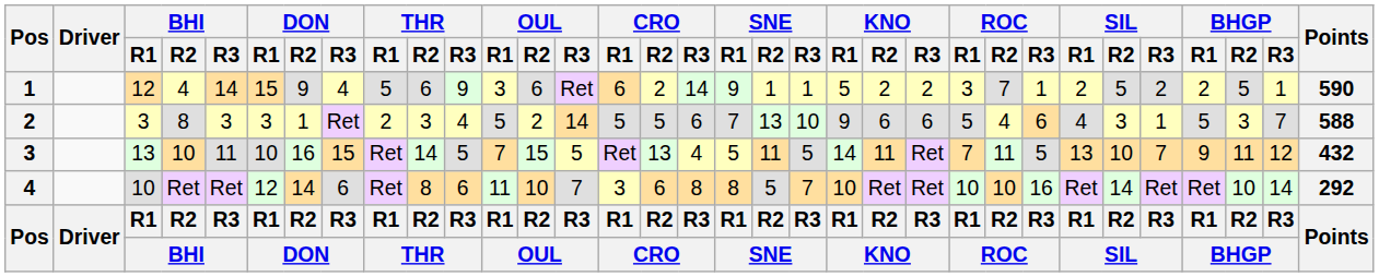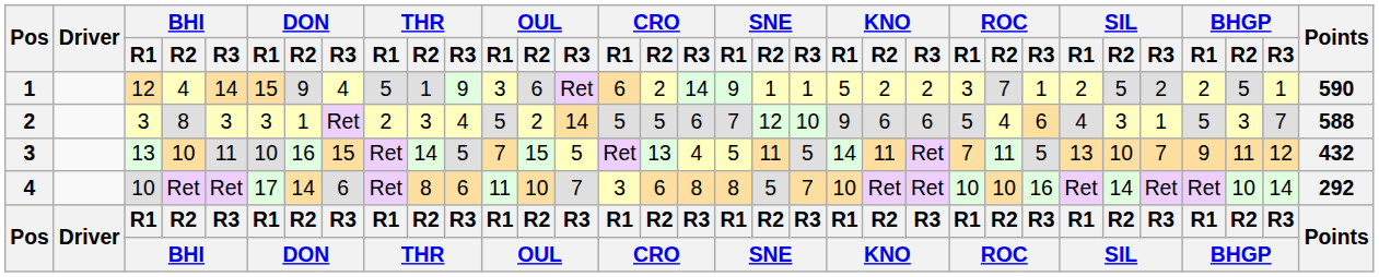 <table class="wikitable" style="font-size: 85%; text-align: center;">
 <tr>
 <th rowspan=2>Pos</th>
 <th rowspan=2>Driver</th>
 <th colspan=3><a href='#'>BHI</a></th>
 <th colspan=3><a href='#'>DON</a></th>
 <th colspan=3><a href='#'>THR</a></th>
 <th colspan=3><a href='#'>OUL</a></th>
 <th colspan=3><a href='#'>CRO</a></th>
 <th colspan=3><a href='#'>SNE</a></th>
 <th colspan=3><a href='#'>KNO</a></th>
 <th colspan=3><a href='#'>ROC</a></th>
 <th colspan=3><a href='#'>SIL</a></th>
 <th colspan=3><a href='#'>BHGP</a></th>
 <th rowspan=2>Points</th>
 </tr>
 <tr>
 <th>R1</th>
 <th>R2</th>
 <th>R3</th>
 <th>R1</th>
 <th>R2</th>
 <th>R3</th>
 <th>R1</th>
 <th>R2</th>
 <th>R3</th>
 <th>R1</th>
 <th>R2</th>
 <th>R3</th>
 <th>R1</th>
 <th>R2</th>
 <th>R3</th>
 <th>R1</th>
 <th>R2</th>
 <th>R3</th>
 <th>R1</th>
 <th>R2</th>
 <th>R3</th>
 <th>R1</th>
 <th>R2</th>
 <th>R3</th>
 <th>R1</th>
 <th>R2</th>
 <th>R3</th>
 <th>R1</th>
 <th>R2</th>
 <th>R3</th>
 </tr>
 <tr>
 <th>1</th>
 <td style="text-align:left" nowrap></td>
 <td style="background:#FFDF9F;">12</td>
 <td style="background:#FFFFBF;">4</td>
 <td style="background:#FFDF9F;">14</td>
 <td style="background:#FFDF9F;">15</td>
 <td style="background:#DFDFDF;">9</td>
 <td style="background:#FFFFBF;">4</td>
 <td style="background:#DFDFDF;">5</td>
-<td style="background:#DFDFDF;">6</td>
+<td style="background:#DFDFDF;">1</td>
 <td style="background:#DFFFDF;">9</td>
 <td style="background:#FFFFBF;">3</td>
 <td style="background:#DFDFDF;">6</td>
 <td style="background:#EFCFFF;">Ret</td>
 <td style="background:#FFDF9F;">6</td>
 <td style="background:#FFFFBF;">2</td>
 <td style="background:#DFFFDF;">14</td>
 <td style="background:#DFFFDF;">9</td>
 <td style="background:#FFFFBF;">1</td>
 <td style="background:#FFFFBF;">1</td>
 <td style="background:#FFFFBF;">5</td>
 <td style="background:#FFFFBF;">2</td>
 <td style="background:#FFFFBF;">2</td>
 <td style="background:#FFFFBF;">3</td>
 <td style="background:#DFDFDF;">7</td>
 <td style="background:#FFFFBF;">1</td>
 <td style="background:#FFFFBF;">2</td>
 <td style="background:#DFDFDF;">5</td>
 <td style="background:#DFDFDF;">2</td>
 <td style="background:#FFFFBF;">2</td>
 <td style="background:#DFDFDF;">5</td>
 <td style="background:#FFFFBF;">1</td>
 <th>590</th>
 </tr>
 <tr>
 <th>2</th>
 <td style="text-align:left"></td>
 <td style="background:#FFFFBF;">3</td>
 <td style="background:#DFDFDF;">8</td>
 <td style="background:#FFFFBF;">3</td>
 <td style="background:#FFFFBF;">3</td>
 <td style="background:#FFFFBF;">1</td>
 <td style="background:#EFCFFF;">Ret</td>
 <td style="background:#FFFFBF;">2</td>
 <td style="background:#FFFFBF;">3</td>
 <td style="background:#FFFFBF;">4</td>
 <td style="background:#DFDFDF;">5</td>
 <td style="background:#FFFFBF;">2</td>
 <td style="background:#FFDF9F;">14</td>
 <td style="background:#DFDFDF;">5</td>
 <td style="background:#DFDFDF;">5</td>
 <td style="background:#DFDFDF;">6</td>
 <td style="background:#DFDFDF;">7</td>
-<td style="background:#DFFFDF;">13</td>
+<td style="background:#DFFFDF;">12</td>
 <td style="background:#DFFFDF;">10</td>
 <td style="background:#DFDFDF;">9</td>
 <td style="background:#DFDFDF;">6</td>
 <td style="background:#DFDFDF;">6</td>
 <td style="background:#DFDFDF;">5</td>
 <td style="background:#FFFFBF;">4</td>
 <td style="background:#FFDF9F;">6</td>
 <td style="background:#DFDFDF;">4</td>
 <td style="background:#FFFFBF;">3</td>
 <td style="background:#FFFFBF;">1</td>
 <td style="background:#DFDFDF;">5</td>
 <td style="background:#FFFFBF;">3</td>
 <td style="background:#DFDFDF;">7</td>
 <th>588</th>
 </tr>
 <tr>
 <th>3</th>
 <td style="text-align:left"></td>
 <td style="background:#DFFFDF;">13</td>
 <td style="background:#FFDF9F;">10</td>
 <td style="background:#DFDFDF;">11</td>
 <td style="background:#DFDFDF;">10</td>
 <td style="background:#DFFFDF;">16</td>
 <td style="background:#FFDF9F;">15</td>
 <td style="background:#EFCFFF;">Ret</td>
 <td style="background:#DFFFDF;">14</td>
 <td style="background:#DFDFDF;">5</td>
 <td style="background:#FFDF9F;">7</td>
 <td style="background:#DFFFDF;">15</td>
 <td style="background:#FFFFBF;">5</td>
 <td style="background:#EFCFFF;">Ret</td>
 <td style="background:#DFFFDF;">13</td>
 <td style="background:#FFFFBF;">4</td>
 <td style="background:#FFFFBF;">5</td>
 <td style="background:#FFDF9F;">11</td>
 <td style="background:#DFDFDF;">5</td>
 <td style="background:#DFFFDF;">14</td>
 <td style="background:#FFDF9F;">11</td>
 <td style="background:#EFCFFF;">Ret</td>
 <td style="background:#FFDF9F;">7</td>
 <td style="background:#DFFFDF;">11</td>
 <td style="background:#DFDFDF;">5</td>
 <td style="background:#FFDF9F;">13</td>
 <td style="background:#FFDF9F;">10</td>
 <td style="background:#FFDF9F;">7</td>
 <td style="background:#FFDF9F;">9</td>
 <td style="background:#FFDF9F;">11</td>
 <td style="background:#FFDF9F;">12</td>
 <th>432</th>
 </tr>
 <tr>
 <th>4</th>
 <td style="text-align:left"></td>
 <td style="background:#DFDFDF;">10</td>
 <td style="background:#EFCFFF;">Ret</td>
 <td style="background:#EFCFFF;">Ret</td>
-<td style="background:#DFFFDF;">12</td>
+<td style="background:#DFFFDF;">17</td>
 <td style="background:#FFDF9F;">14</td>
 <td style="background:#DFDFDF;">6</td>
 <td style="background:#EFCFFF;">Ret</td>
 <td style="background:#FFDF9F;">8</td>
 <td style="background:#FFDF9F;">6</td>
 <td style="background:#DFFFDF;">11</td>
 <td style="background:#FFDF9F;">10</td>
 <td style="background:#DFDFDF;">7</td>
 <td style="background:#FFFFBF;">3</td>
 <td style="background:#FFDF9F;">6</td>
 <td style="background:#FFDF9F;">8</td>
 <td style="background:#FFDF9F;">8</td>
 <td style="background:#DFDFDF;">5</td>
 <td style="background:#FFDF9F;">7</td>
 <td style="background:#FFDF9F;">10</td>
 <td style="background:#EFCFFF;">Ret</td>
 <td style="background:#EFCFFF;">Ret</td>
 <td style="background:#DFFFDF;">10</td>
 <td style="background:#FFDF9F;">10</td>
 <td style="background:#DFFFDF;">16</td>
 <td style="background:#EFCFFF;">Ret</td>
 <td style="background:#DFFFDF;">14</td>
 <td style="background:#EFCFFF;">Ret</td>
 <td style="background:#EFCFFF;">Ret</td>
 <td style="background:#DFFFDF;">10</td>
 <td style="background:#DFFFDF;">14</td>
 <th>292</th>
 </tr>
 <tr>
 <th rowspan=2>Pos</th>
 <th rowspan=2>Driver</th>
 <th>R1</th>
 <th>R2</th>
 <th>R3</th>
 <th>R1</th>
 <th>R2</th>
 <th>R3</th>
 <th>R1</th>
 <th>R2</th>
 <th>R3</th>
 <th>R1</th>
 <th>R2</th>
 <th>R3</th>
 <th>R1</th>
 <th>R2</th>
 <th>R3</th>
 <th>R1</th>
 <th>R2</th>
 <th>R3</th>
 <th>R1</th>
 <th>R2</th>
 <th>R3</th>
 <th>R1</th>
 <th>R2</th>
 <th>R3</th>
 <th>R1</th>
 <th>R2</th>
 <th>R3</th>
 <th>R1</th>
 <th>R2</th>
 <th>R3</th>
 <th rowspan=2>Points</th>
 </tr>
 <tr>
 <th colspan=3><a href='#'>BHI</a></th>
 <th colspan=3><a href='#'>DON</a></th>
 <th colspan=3><a href='#'>THR</a></th>
 <th colspan=3><a href='#'>OUL</a></th>
 <th colspan=3><a href='#'>CRO</a></th>
 <th colspan=3><a href='#'>SNE</a></th>
 <th colspan=3><a href='#'>KNO</a></th>
 <th colspan=3><a href='#'>ROC</a></th>
 <th colspan=3><a href='#'>SIL</a></th>
 <th colspan=3><a href='#'>BHGP</a></th>
 </tr>
 </table>
